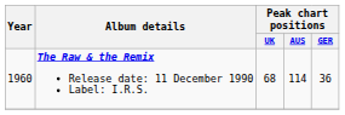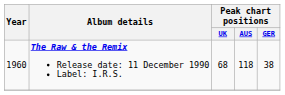 <table class="wikitable" style="text-align:center;">
 <tr>
 <th rowspan="2">Year</th>
 <th rowspan="2">Album details</th>
 <th colspan="3">Peak chart positions</th>
 </tr>
 <tr style="font-size:smaller;">
 <th style="width:30px;"><a href='#'>UK</a><br></th>
 <th style="width:30px;"><a href='#'>AUS</a><br></th>
 <th style="width:30px;"><a href='#'>GER</a><br></th>
 </tr>
 <tr>
 <td>1960</td>
 <td style="text-align:left;"><strong><em><a href='#'>The Raw & the Remix</a></em></strong><br><ul><li>Release date: 11 December 1990</li><li>Label: I.R.S.</li></ul></td>
 <td>68</td>
-<td>114</td>
-<td>36</td>
+<td>118</td>
+<td>38</td>
 </tr>
 <tr>
 </tr>
 </table>
